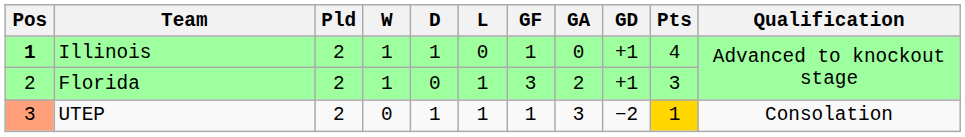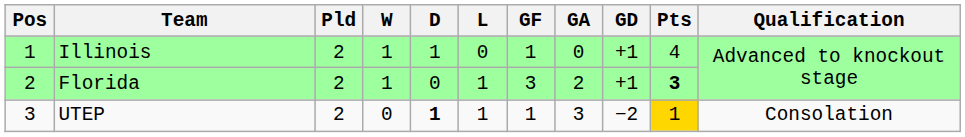 <table class="wikitable" style="text-align:center; margin: 1em auto">
 <tr>
 <th style="width:2em">Pos</th>
 <th style="width:13em">Team</th>
 <th style="width:2em">Pld</th>
 <th style="width:2em">W</th>
 <th style="width:2em">D</th>
 <th style="width:2em">L</th>
 <th style="width:2em">GF</th>
 <th style="width:2em">GA</th>
 <th style="width:2em">GD</th>
 <th style="width:2em">Pts</th>
 <th style="width:13em">Qualification</th>
 </tr>
 <tr bgcolor="#9eff9e">
-<td><strong>1</strong></td>
+<td>1</td>
 <td style="text-align:left">Illinois</td>
 <td>2</td>
 <td>1</td>
 <td>1</td>
 <td>0</td>
 <td>1</td>
 <td>0</td>
 <td>+1</td>
 <td>4</td>
 <td rowspan="2">Advanced to knockout stage</td>
 </tr>
 <tr bgcolor="#9eff9e">
 <td>2</td>
 <td style="text-align:left">Florida</td>
 <td>2</td>
 <td>1</td>
 <td>0</td>
 <td>1</td>
 <td>3</td>
 <td>2</td>
 <td>+1</td>
-<td>3</td>
+<td><strong>3</strong></td>
 </tr>
 <tr>
-<td style="background: lightsalmon;">3</td>
+<td>3</td>
 <td style="text-align:left">UTEP</td>
 <td>2</td>
 <td>0</td>
-<td>1</td>
+<td><strong>1</strong></td>
 <td>1</td>
 <td>1</td>
 <td>3</td>
 <td>−2</td>
 <td style="background: gold;">1</td>
 <td>Consolation</td>
 </tr>
 </table>
